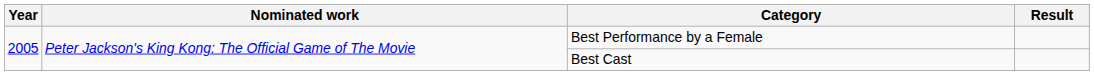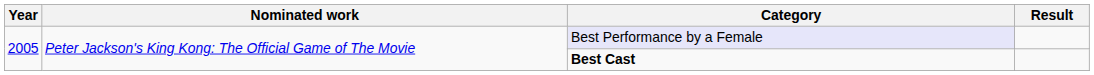 <table class=wikitable>
 <tr>
 <th scope="col" style="width:1em;">Year</th>
 <th scope="col" style="width:39em;">Nominated work</th>
 <th scope="col" style="width:33em;">Category</th>
 <th scope="col" style="width:5em;">Result</th>
 </tr>
 <tr>
 <td rowspan="2"><a href='#'>2005</a></td>
 <td rowspan="2"><em><a href='#'>Peter Jackson's King Kong: The Official Game of The Movie</a></em></td>
-<td>Best Performance by a Female</td>
+<td style="background: lavender;">Best Performance by a Female</td>
 <td></td>
 </tr>
 <tr>
-<td>Best Cast</td>
+<td><strong>Best Cast</strong></td>
 <td></td>
 </tr>
 </table>
